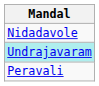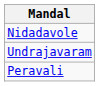 <table class="wikitable sortable static-row-numbers static-row-header-hash">
 <tr>
 <th>Mandal</th>
 </tr>
 <tr>
 <td><a href='#'>Nidadavole</a></td>
 </tr>
 <tr>
-<td style="background: paleturquoise;"><a href='#'>Undrajavaram</a></td>
+<td><a href='#'>Undrajavaram</a></td>
 </tr>
 <tr>
 <td><a href='#'>Peravali</a></td>
 </tr>
 </table>
